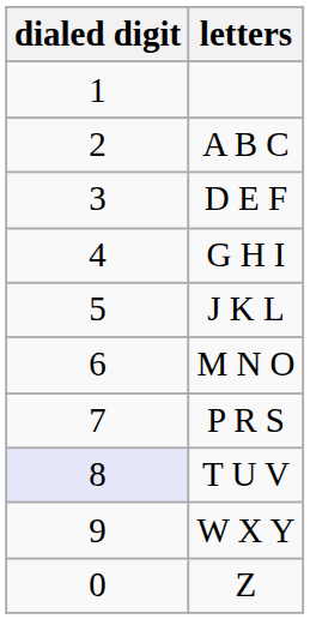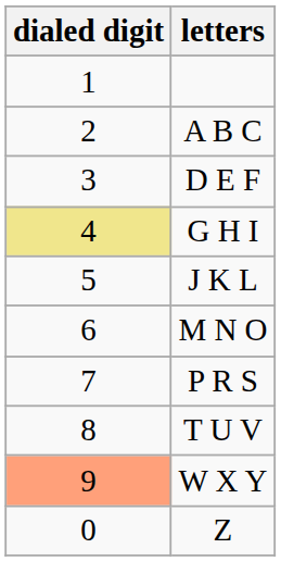 <table align=right class="wikitable" style="text-align: center; ">
 <tr>
 <th>dialed digit</th>
 <th>letters</th>
 </tr>
 <tr>
 <td>1</td>
 <td></td>
 </tr>
 <tr>
 <td>2</td>
 <td>A B C</td>
 </tr>
 <tr>
 <td>3</td>
 <td>D E F</td>
 </tr>
 <tr>
-<td>4</td>
+<td style="background: khaki;">4</td>
 <td>G H I</td>
 </tr>
 <tr>
 <td>5</td>
 <td>J K L</td>
 </tr>
 <tr>
 <td>6</td>
 <td>M N O</td>
 </tr>
 <tr>
 <td>7</td>
 <td>P R S</td>
 </tr>
 <tr>
-<td style="background: lavender;">8</td>
+<td>8</td>
 <td>T U V</td>
 </tr>
 <tr>
-<td>9</td>
+<td style="background: lightsalmon;">9</td>
 <td>W X Y</td>
 </tr>
 <tr>
 <td>0</td>
 <td>Z</td>
 </tr>
 </table>
